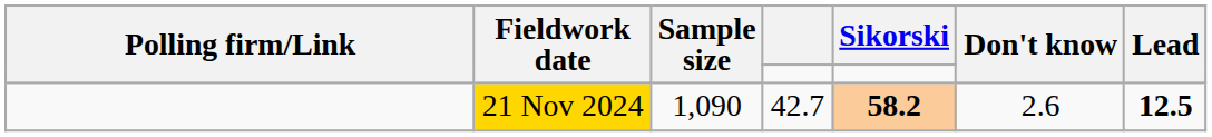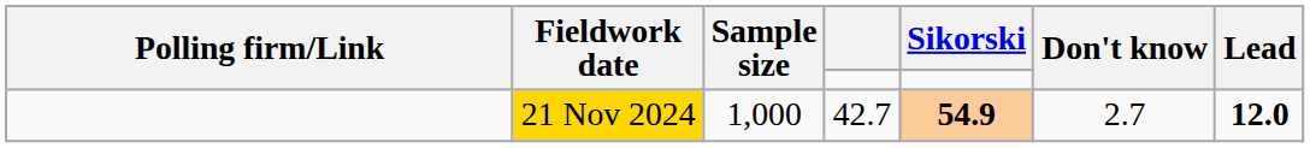 <table class="wikitable" style="text-align:center; font-size:85%; line-height:14px;">
 <tr>
 <th rowspan="2" style="width:200px;">Polling firm/Link</th>
 <th rowspan="2" data-sort-type="date">Fieldwork<br>date</th>
 <th rowspan="2" style="width:20px;">Sample<br>size</th>
 <th><br></th>
 <th><a href='#'>Sikorski</a><br></th>
 <th rowspan="2">Don't know</th>
 <th rowspan="2">Lead</th>
 </tr>
 <tr>
 <td style="background:"></td>
 <td style="background:"></td>
 </tr>
 <tr>
 <td></td>
 <td data-sort-value="2024-11-21" style="background: gold;">21 Nov 2024</td>
-<td>1,090</td>
+<td>1,000</td>
 <td>42.7</td>
-<td style="background:#fbcc99;"><strong>58.2</strong></td>
-<td>2.6</td>
-<td style="background:"><strong>12.5</strong></td>
+<td style="background:#fbcc99;"><strong>54.9</strong></td>
+<td>2.7</td>
+<td style="background:"><strong>12.0</strong></td>
 </tr>
 </table>
